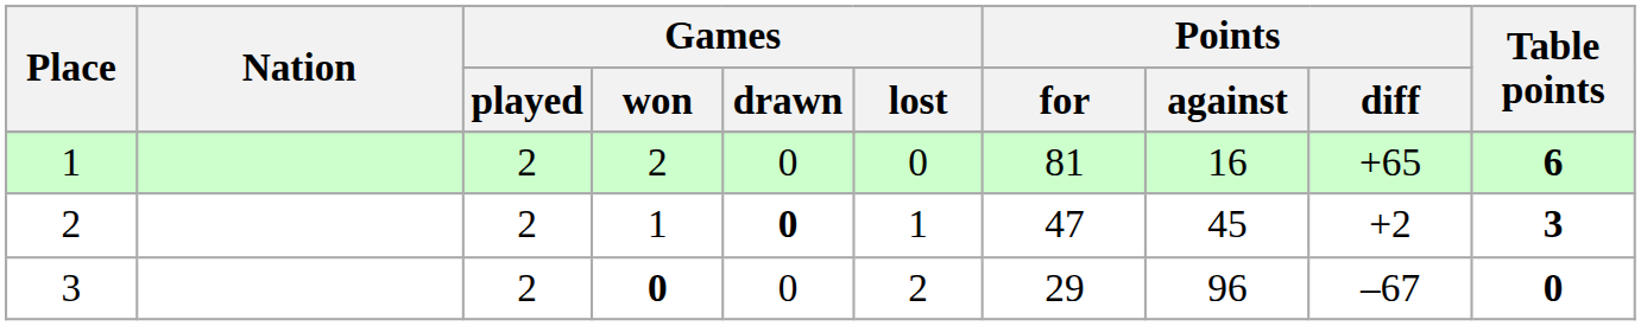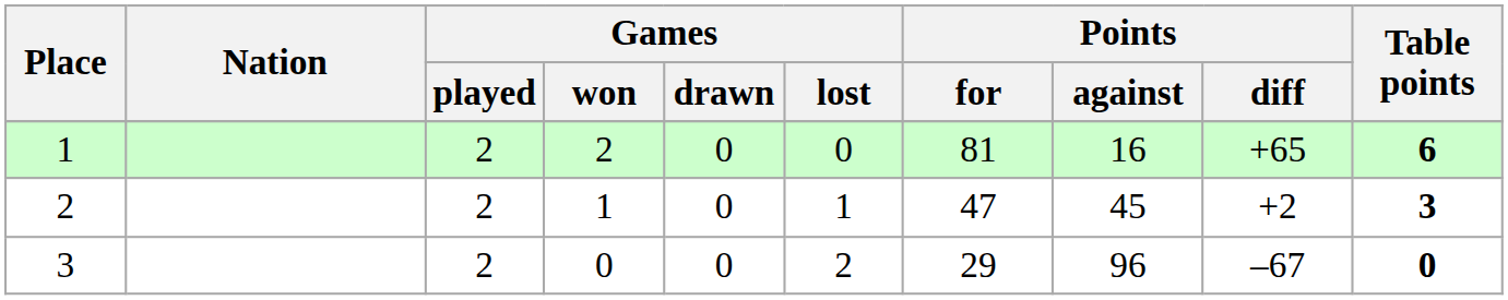 <table class="wikitable">
 <tr>
 <th rowspan=2 width="8%">Place</th>
 <th rowspan=2 width="20%">Nation</th>
 <th colspan=4 width="32%">Games</th>
 <th colspan=3 width="30%">Points</th>
 <th rowspan=2 width="10%">Table<br>points</th>
 </tr>
 <tr>
 <th width="8%">played</th>
 <th width="8%">won</th>
 <th width="8%">drawn</th>
 <th width="8%">lost</th>
 <th width="10%">for</th>
 <th width="10%">against</th>
 <th width="10%">diff</th>
 </tr>
 <tr>
 </tr>
 <tr bgcolor=#ccffcc align=center>
 <td>1</td>
 <td align=left></td>
 <td>2</td>
 <td>2</td>
 <td>0</td>
 <td>0</td>
 <td>81</td>
 <td>16</td>
 <td>+65</td>
 <td><strong>6</strong></td>
 </tr>
 <tr bgcolor=#ffffff align=center>
 <td>2</td>
 <td align=left></td>
 <td>2</td>
 <td>1</td>
-<td><strong>0</strong></td>
+<td>0</td>
 <td>1</td>
 <td>47</td>
 <td>45</td>
 <td>+2</td>
 <td><strong>3</strong></td>
 </tr>
 <tr bgcolor=#ffffff align=center>
 <td>3</td>
 <td align=left></td>
 <td>2</td>
-<td><strong>0</strong></td>
+<td>0</td>
 <td>0</td>
 <td>2</td>
 <td>29</td>
 <td>96</td>
 <td>–67</td>
 <td><strong>0</strong></td>
 </tr>
 </table>
